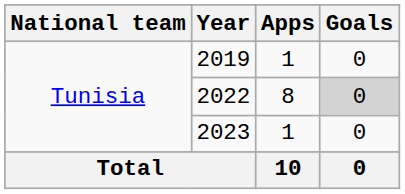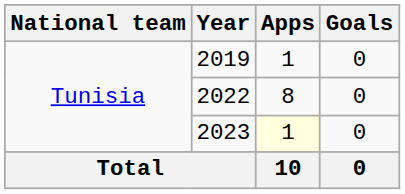 <table class="wikitable" style="text-align:center">
 <tr>
 <th>National team</th>
 <th>Year</th>
 <th>Apps</th>
 <th>Goals</th>
 </tr>
 <tr>
 <td rowspan="3"><a href='#'>Tunisia</a></td>
 <td>2019</td>
 <td>1</td>
 <td>0</td>
 </tr>
 <tr>
 <td>2022</td>
 <td>8</td>
-<td style="background: lightgrey;">0</td>
+<td>0</td>
 </tr>
 <tr>
 <td>2023</td>
-<td>1</td>
+<td style="background: lightyellow;">1</td>
 <td>0</td>
 </tr>
 <tr>
 <th colspan="2">Total</th>
 <th>10</th>
 <th>0</th>
 </tr>
 </table>
